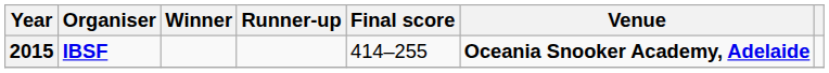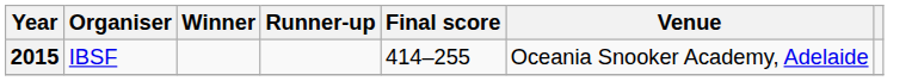 <table class="wikitable">
 <tr>
 <th scope="col">Year</th>
 <th scope="col">Organiser</th>
 <th scope="col">Winner</th>
 <th scope="col">Runner-up</th>
 <th scope="col">Final score</th>
 <th scope="col">Venue</th>
 <th scope="col"></th>
 </tr>
 <tr>
 <th scope=row>2015</th>
-<td><strong><a href='#'>IBSF</a></strong></td>
+<td><a href='#'>IBSF</a></td>
 <td></td>
 <td></td>
 <td>414–255</td>
-<td><strong>Oceania Snooker Academy, <a href='#'>Adelaide</a></strong></td>
+<td>Oceania Snooker Academy, <a href='#'>Adelaide</a></td>
 <td></td>
 </tr>
 <tr>
 </tr>
 </table>
